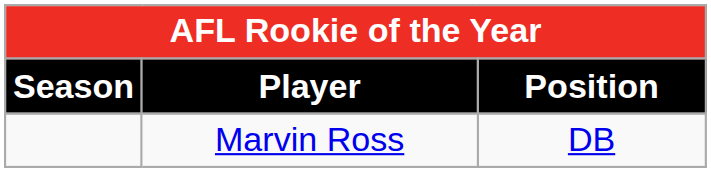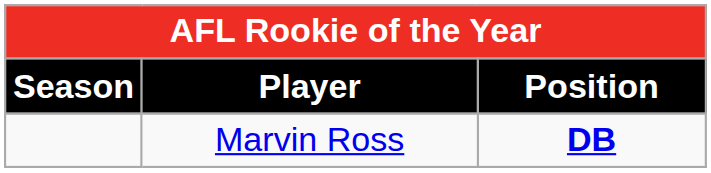 <table class="wikitable sortable" style="text-align:center">
 <tr>
 <td colspan="4" style="background:#EE2D24; color:white;"><strong>AFL Rookie of the Year</strong></td>
 </tr>
 <tr>
 <th style="width:50px; background:#000; color:white;">Season</th>
 <th style="width:150px; background:#000; color:white;">Player</th>
 <th style="width:100px; background:#000; color:white;">Position</th>
 </tr>
 <tr>
 <td></td>
 <td><a href='#'>Marvin Ross</a></td>
-<td><a href='#'>DB</a></td>
+<td><strong><a href='#'>DB</a></strong></td>
 </tr>
 </table>
